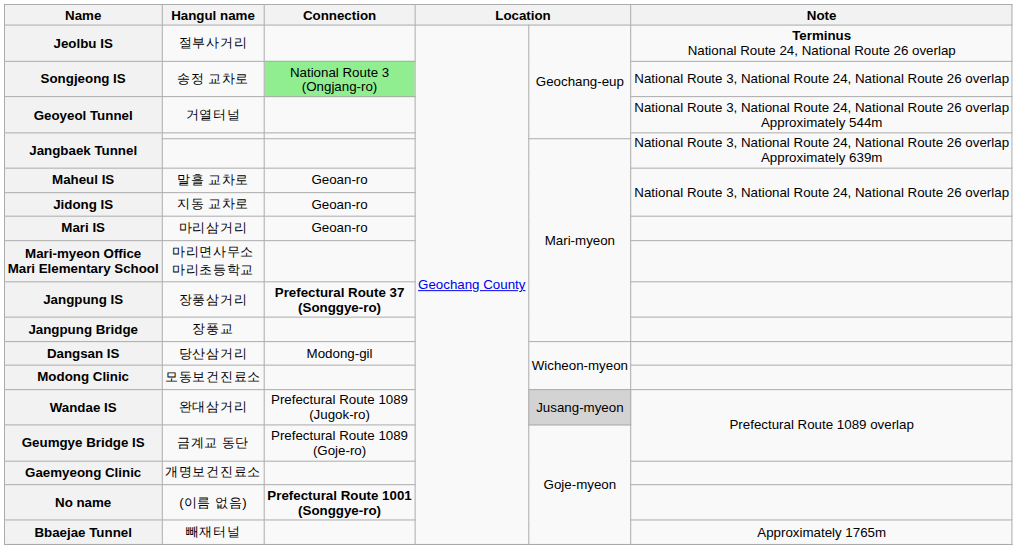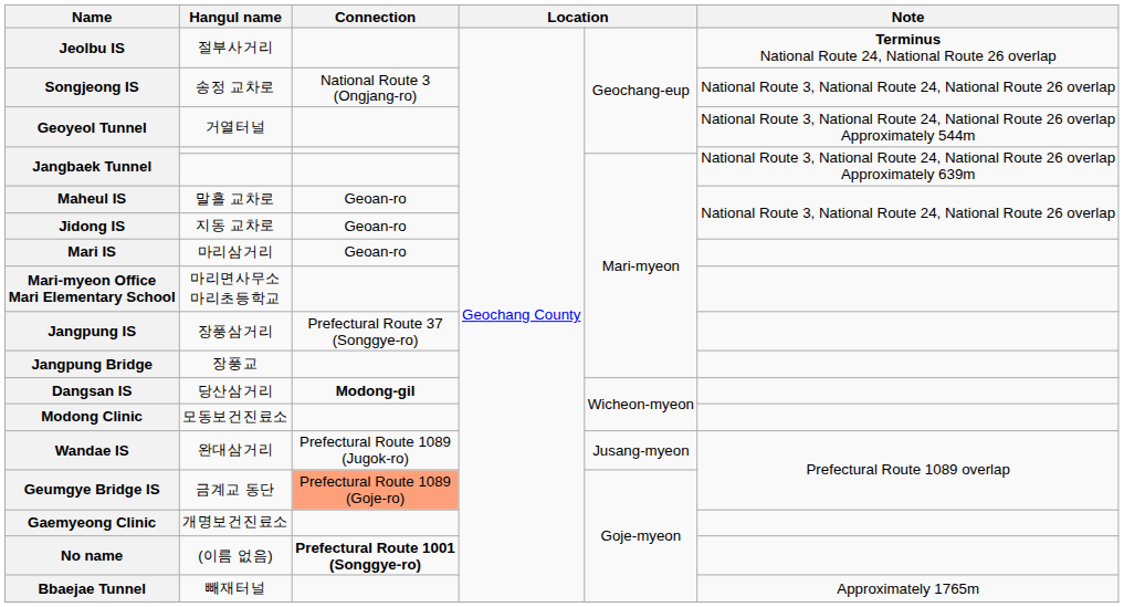 <table class="wikitable" style="font-size: 85%; text-align: center;">
 <tr>
 <th>Name </th>
 <th>Hangul name</th>
 <th>Connection</th>
 <th colspan="2">Location</th>
 <th>Note</th>
 </tr>
 <tr>
 <th>Jeolbu IS</th>
 <td>절부사거리</td>
 <td></td>
 <td rowspan=18><a href='#'>Geochang County</a></td>
 <td rowspan=4>Geochang-eup</td>
 <td><strong>Terminus</strong><br>National Route 24, National Route 26 overlap</td>
 </tr>
 <tr>
 <th>Songjeong IS</th>
 <td>송정 교차로</td>
-<td style="background: lightgreen;">National Route 3<br>(Ongjang-ro)</td>
+<td>National Route 3<br>(Ongjang-ro)</td>
 <td>National Route 3, National Route 24, National Route 26 overlap</td>
 </tr>
 <tr>
 <th>Geoyeol Tunnel</th>
 <td>거열터널</td>
 <td></td>
 <td>National Route 3, National Route 24, National Route 26 overlap<br>Approximately 544m</td>
 </tr>
 <tr>
 <th rowspan=2>Jangbaek Tunnel</th>
 <td></td>
 <td></td>
 <td rowspan=2>National Route 3, National Route 24, National Route 26 overlap<br>Approximately 639m</td>
 </tr>
 <tr>
 <td></td>
 <td></td>
 <td rowspan=7>Mari-myeon</td>
 </tr>
 <tr>
 <th>Maheul IS</th>
 <td>말흘 교차로</td>
 <td>Geoan-ro</td>
 <td rowspan=2>National Route 3, National Route 24, National Route 26 overlap</td>
 </tr>
 <tr>
 <th>Jidong IS</th>
 <td>지동 교차로</td>
 <td>Geoan-ro</td>
 </tr>
 <tr>
 <th>Mari IS</th>
 <td>마리삼거리</td>
 <td>Geoan-ro</td>
 <td></td>
 </tr>
 <tr>
 <th>Mari-myeon Office<br>Mari Elementary School</th>
 <td>마리면사무소<br>마리초등학교</td>
 <td></td>
 <td></td>
 </tr>
 <tr>
 <th>Jangpung IS</th>
 <td>장풍삼거리</td>
-<td><strong>Prefectural Route 37<br>(Songgye-ro)</strong></td>
+<td>Prefectural Route 37<br>(Songgye-ro)</td>
 <td></td>
 </tr>
 <tr>
 <th>Jangpung Bridge</th>
 <td>장풍교</td>
 <td></td>
 <td></td>
 </tr>
 <tr>
 <th>Dangsan IS</th>
 <td>당산삼거리</td>
-<td>Modong-gil</td>
+<td><strong>Modong-gil</strong></td>
 <td rowspan=2>Wicheon-myeon</td>
 <td></td>
 </tr>
 <tr>
 <th>Modong Clinic</th>
 <td>모동보건진료소</td>
 <td></td>
 <td></td>
 </tr>
 <tr>
 <th>Wandae IS</th>
 <td>완대삼거리</td>
 <td>Prefectural Route 1089<br>(Jugok-ro)</td>
-<td style="background: lightgrey;">Jusang-myeon</td>
+<td>Jusang-myeon</td>
 <td rowspan=2>Prefectural Route 1089 overlap</td>
 </tr>
 <tr>
 <th>Geumgye Bridge IS</th>
 <td>금계교 동단</td>
-<td>Prefectural Route 1089<br>(Goje-ro)</td>
+<td style="background: lightsalmon;">Prefectural Route 1089<br>(Goje-ro)</td>
 <td rowspan=4>Goje-myeon</td>
 </tr>
 <tr>
 <th>Gaemyeong Clinic</th>
 <td>개명보건진료소</td>
 <td></td>
 <td></td>
 </tr>
 <tr>
 <th>No name</th>
 <td>(이름 없음)</td>
 <td><strong>Prefectural Route 1001<br>(Songgye-ro)</strong></td>
 <td></td>
 </tr>
 <tr>
 <th>Bbaejae Tunnel</th>
 <td>빼재터널</td>
 <td></td>
 <td>Approximately 1765m</td>
 </tr>
 <tr>
 </tr>
 </table>
